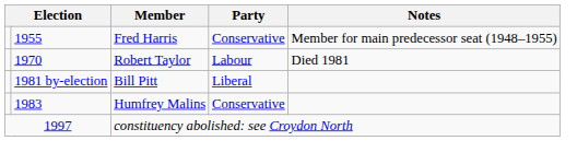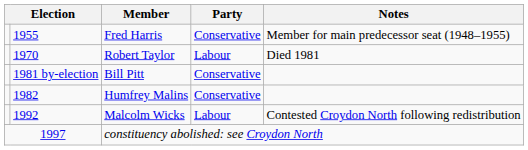 <table class="wikitable">
 <tr>
 <th colspan="2">Election</th>
 <th>Member</th>
 <th>Party</th>
 <th>Notes</th>
 </tr>
 <tr>
 <td style="color:inherit;background-color: "></td>
 <td><a href='#'>1955</a></td>
 <td><a href='#'>Fred Harris</a></td>
 <td><a href='#'>Conservative</a></td>
 <td>Member for main predecessor seat (1948–1955)</td>
 </tr>
 <tr>
 <td style="color:inherit;background-color: "></td>
 <td><a href='#'>1970</a></td>
 <td><a href='#'>Robert Taylor</a></td>
 <td><a href='#'>Labour</a></td>
 <td>Died 1981</td>
 </tr>
 <tr>
 <td style="color:inherit;background-color: "></td>
 <td><a href='#'>1981 by-election</a></td>
 <td><a href='#'>Bill Pitt</a></td>
-<td><a href='#'>Liberal</a></td>
+<td><a href='#'>Conservative</a></td>
 <td></td>
 </tr>
 <tr>
 <td style="color:inherit;background-color: "></td>
-<td><a href='#'>1983</a></td>
+<td><a href='#'>1982</a></td>
 <td><a href='#'>Humfrey Malins</a></td>
 <td><a href='#'>Conservative</a></td>
 <td></td>
+</tr>
+<tr>
+<td style="color:inherit;background-color: "></td>
+<td><a href='#'>1992</a></td>
+<td><a href='#'>Malcolm Wicks</a></td>
+<td><a href='#'>Labour</a></td>
+<td>Contested <a href='#'>Croydon North</a> following redistribution</td>
 </tr>
 <tr>
 <td colspan="2" align="center"><a href='#'>1997</a></td>
 <td colspan="3"><em>constituency abolished: see <a href='#'>Croydon North</a></em></td>
 </tr>
 </table>
